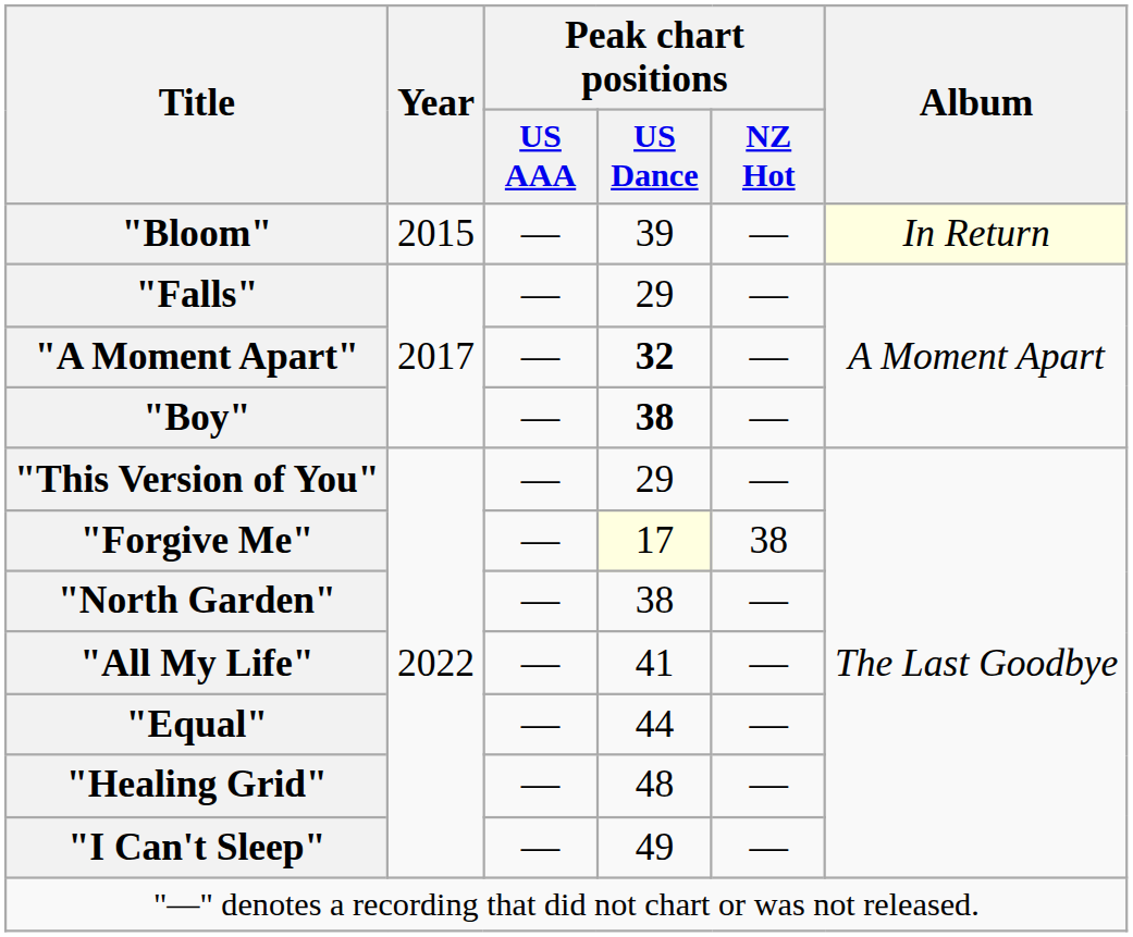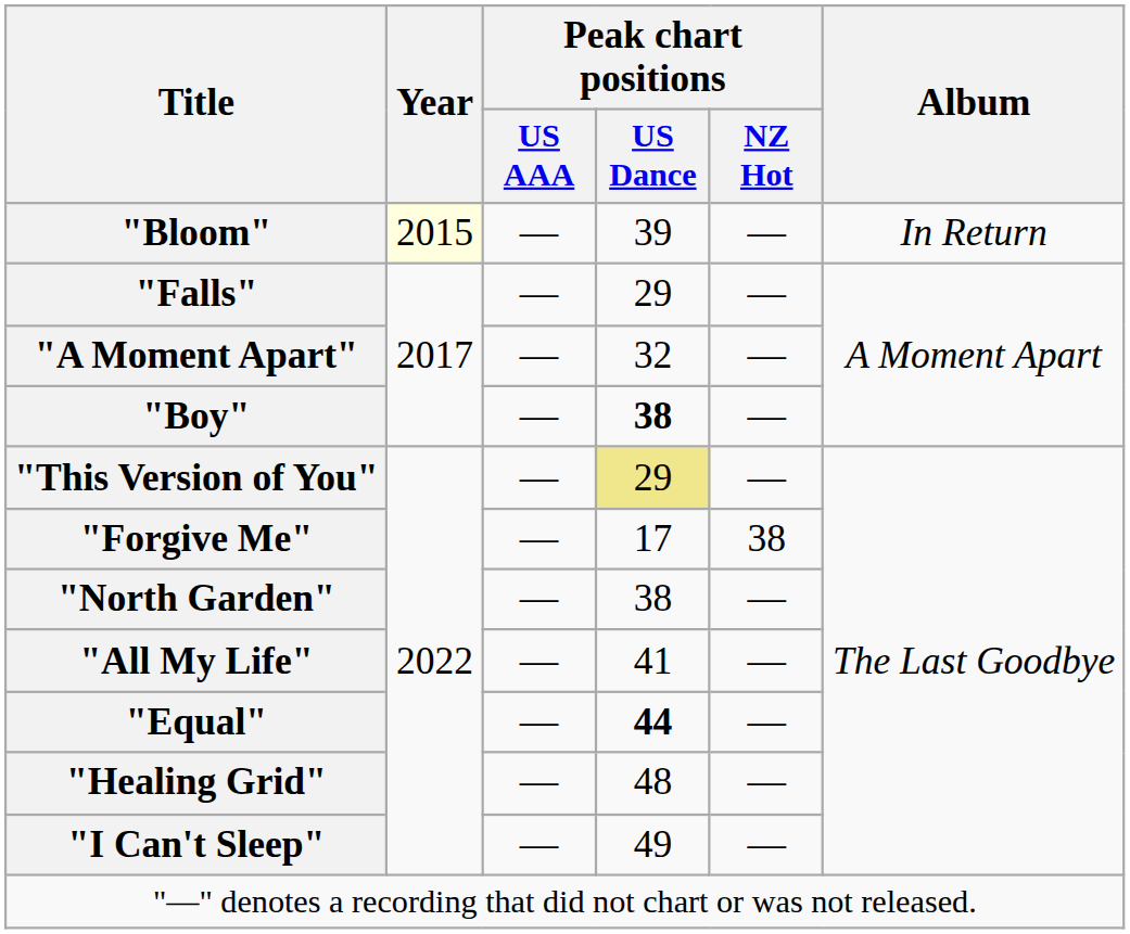 <table class="wikitable plainrowheaders" style="text-align:center;">
 <tr>
 <th scope="col" rowspan="2">Title</th>
 <th scope="col" rowspan="2">Year</th>
 <th scope="col" colspan="3">Peak chart positions</th>
 <th scope="col" rowspan="2">Album</th>
 </tr>
 <tr>
 <th scope="col" style="width:3em;font-size:85%;"><a href='#'>US<br>AAA</a><br></th>
 <th scope="col" style="width:3em;font-size:85%;"><a href='#'>US<br>Dance</a><br></th>
 <th scope="col" style="width:3em;font-size:85%;"><a href='#'>NZ<br>Hot</a><br></th>
 </tr>
 <tr>
 <th scope="row">"Bloom"</th>
-<td>2015</td>
+<td style="background: lightyellow;">2015</td>
 <td>—</td>
 <td>39</td>
 <td>—</td>
-<td style="background: lightyellow;"><em>In Return</em></td>
+<td><em>In Return</em></td>
 </tr>
 <tr>
 <th scope="row">"Falls"<br></th>
 <td rowspan="3">2017</td>
 <td>—</td>
 <td>29</td>
 <td>—</td>
 <td rowspan="3"><em>A Moment Apart</em></td>
 </tr>
 <tr>
 <th scope="row">"A Moment Apart"</th>
 <td>—</td>
-<td><strong>32</strong></td>
+<td>32</td>
 <td>—</td>
 </tr>
 <tr>
 <th scope="row">"Boy"</th>
 <td>—</td>
 <td><strong>38</strong></td>
 <td>—</td>
 </tr>
 <tr>
 <th scope="row">"This Version of You"<br></th>
 <td rowspan="7">2022</td>
 <td>—</td>
-<td>29</td>
+<td style="background: khaki;">29</td>
 <td>—</td>
 <td rowspan="7"><em>The Last Goodbye</em></td>
 </tr>
 <tr>
 <th scope="row">"Forgive Me"<br></th>
 <td>—</td>
-<td style="background: lightyellow;">17</td>
+<td>17</td>
 <td>38</td>
 </tr>
 <tr>
 <th scope="row">"North Garden"</th>
 <td>—</td>
 <td>38</td>
 <td>—</td>
 </tr>
 <tr>
 <th scope="row">"All My Life"</th>
 <td>—</td>
 <td>41</td>
 <td>—</td>
 </tr>
 <tr>
 <th scope="row">"Equal"<br></th>
 <td>—</td>
-<td>44</td>
+<td><strong>44</strong></td>
 <td>—</td>
 </tr>
 <tr>
 <th scope="row">"Healing Grid"</th>
 <td>—</td>
 <td>48</td>
 <td>—</td>
 </tr>
 <tr>
 <th scope="row">"I Can't Sleep"</th>
 <td>—</td>
 <td>49</td>
 <td>—</td>
 </tr>
 <tr>
 <td colspan="6" style="font-size:85%">"—" denotes a recording that did not chart or was not released.</td>
 </tr>
 </table>
